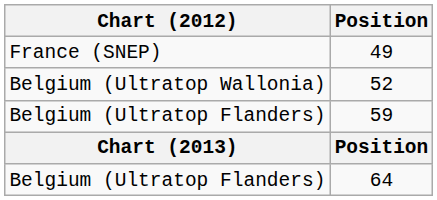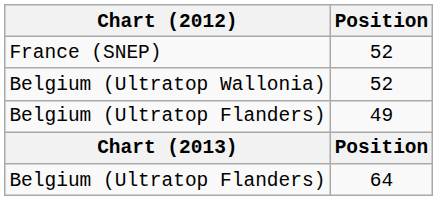 <table class="wikitable">
 <tr>
 <th>Chart (2012)</th>
 <th>Position</th>
 </tr>
 <tr>
 <td>France (SNEP)</td>
-<td style="text-align:center">49</td>
+<td style="text-align:center">52</td>
 </tr>
 <tr>
 <td>Belgium (Ultratop Wallonia)</td>
 <td style="text-align:center">52</td>
 </tr>
 <tr>
 <td>Belgium (Ultratop Flanders)</td>
-<td style="text-align:center">59</td>
+<td style="text-align:center">49</td>
 </tr>
 <tr>
 <th>Chart (2013)</th>
 <th>Position</th>
 </tr>
 <tr>
 <td>Belgium (Ultratop Flanders)</td>
 <td style="text-align:center">64</td>
 </tr>
 </table>
